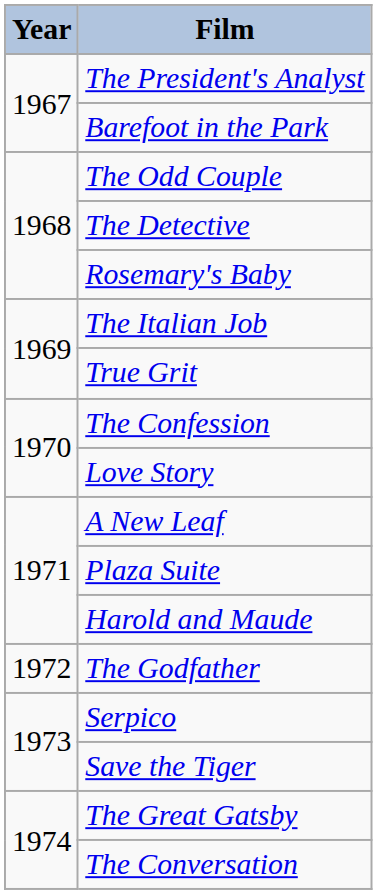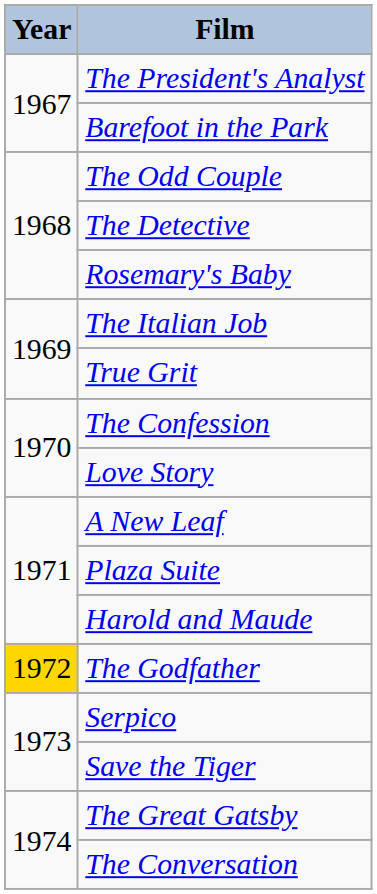 <table class="wikitable" style="font-size:95%;">
 <tr>
 <th style="background:#B0C4DE;">Year</th>
 <th style="background:#B0C4DE;">Film</th>
 </tr>
 <tr>
 <td rowspan="2">1967</td>
 <td><em><a href='#'>The President's Analyst</a></em></td>
 </tr>
 <tr>
 <td><em><a href='#'>Barefoot in the Park</a></em></td>
 </tr>
 <tr>
 <td rowspan="3">1968</td>
 <td><em><a href='#'>The Odd Couple</a></em></td>
 </tr>
 <tr>
 <td><em><a href='#'>The Detective</a></em></td>
 </tr>
 <tr>
 <td><em><a href='#'>Rosemary's Baby</a></em></td>
 </tr>
 <tr>
 <td rowspan="2">1969</td>
 <td><em><a href='#'>The Italian Job</a></em></td>
 </tr>
 <tr>
 <td><em><a href='#'>True Grit</a></em></td>
 </tr>
 <tr>
 <td rowspan="2">1970</td>
 <td><em><a href='#'>The Confession</a></em></td>
 </tr>
 <tr>
 <td><em><a href='#'>Love Story</a></em></td>
 </tr>
 <tr>
 <td rowspan="3">1971</td>
 <td><em><a href='#'>A New Leaf</a></em></td>
 </tr>
 <tr>
 <td><em><a href='#'>Plaza Suite</a></em></td>
 </tr>
 <tr>
 <td><em><a href='#'>Harold and Maude</a></em></td>
 </tr>
 <tr>
-<td>1972</td>
+<td style="background: gold;">1972</td>
 <td><em><a href='#'>The Godfather</a></em></td>
 </tr>
 <tr>
 <td rowspan="2">1973</td>
 <td><em><a href='#'>Serpico</a></em></td>
 </tr>
 <tr>
 <td><em><a href='#'>Save the Tiger</a></em></td>
 </tr>
 <tr>
 <td rowspan="2">1974</td>
 <td><em><a href='#'>The Great Gatsby</a></em></td>
 </tr>
 <tr>
 <td><em><a href='#'>The Conversation</a></em></td>
 </tr>
 </table>
